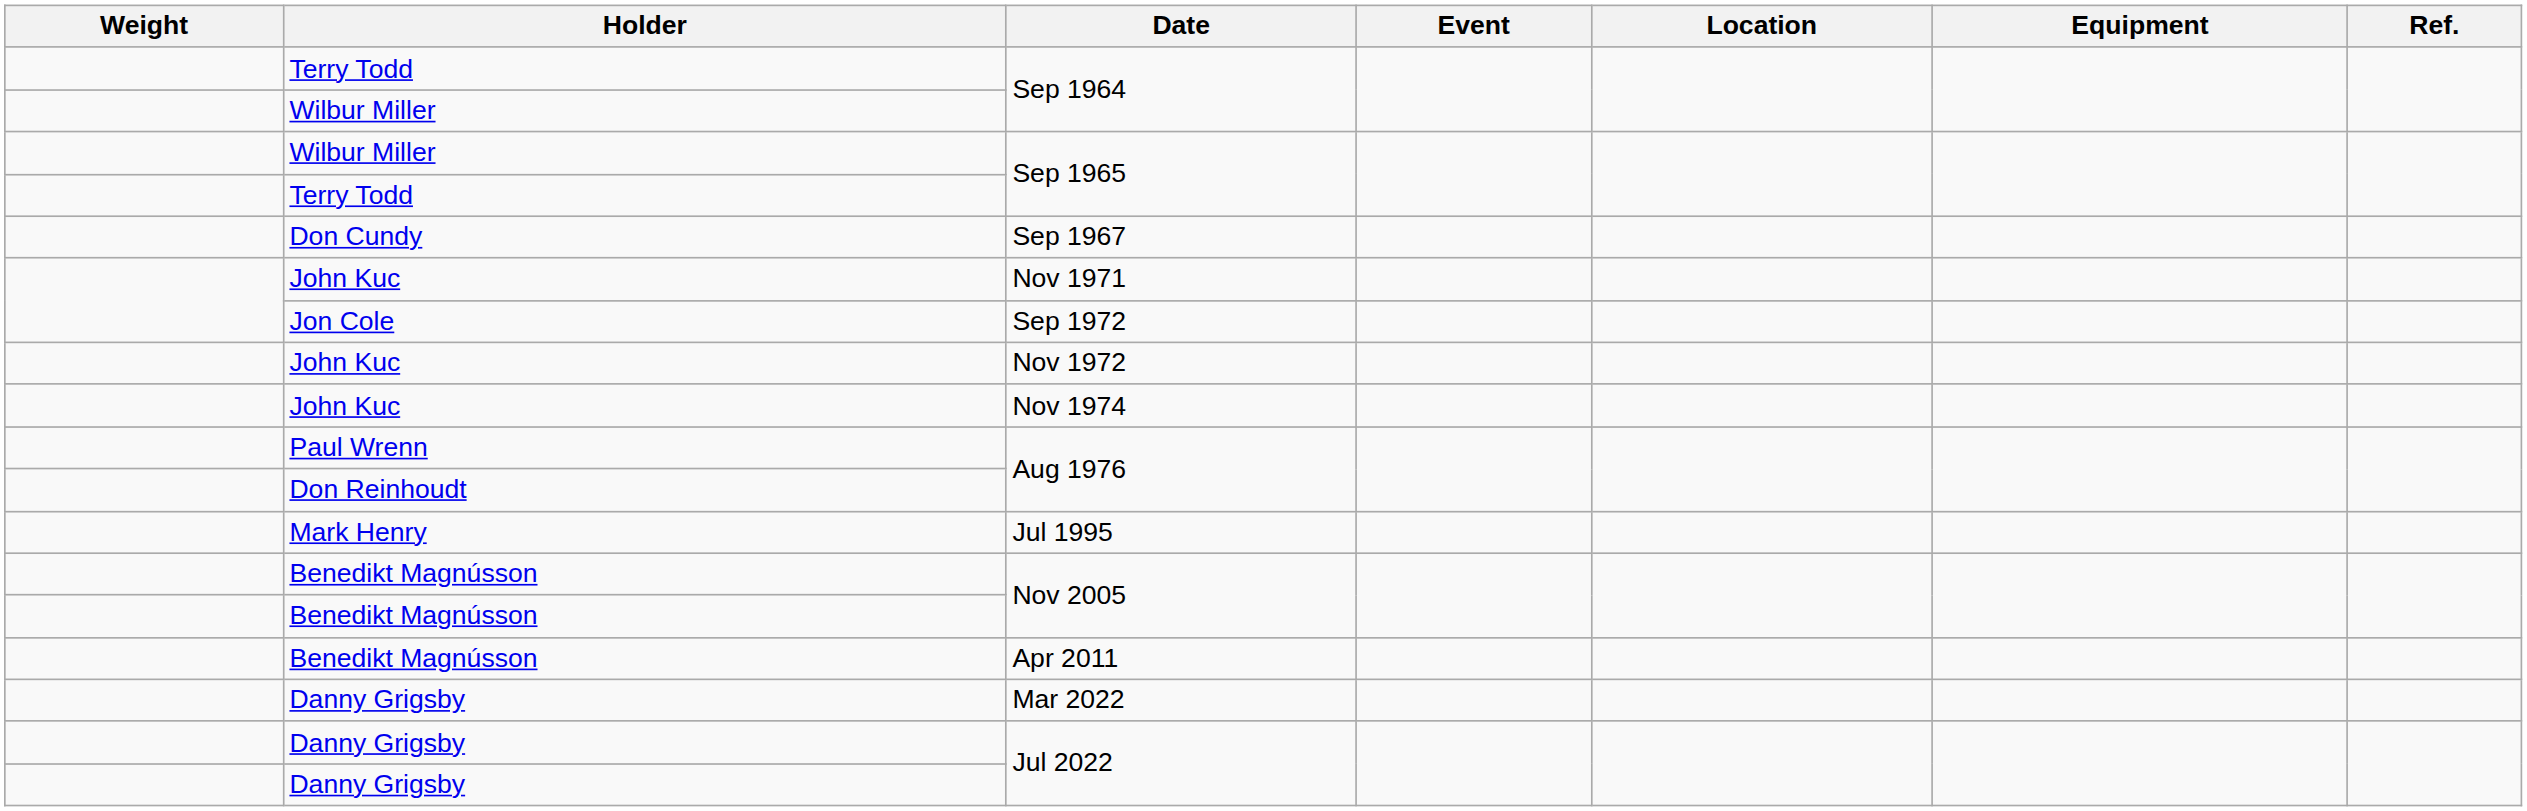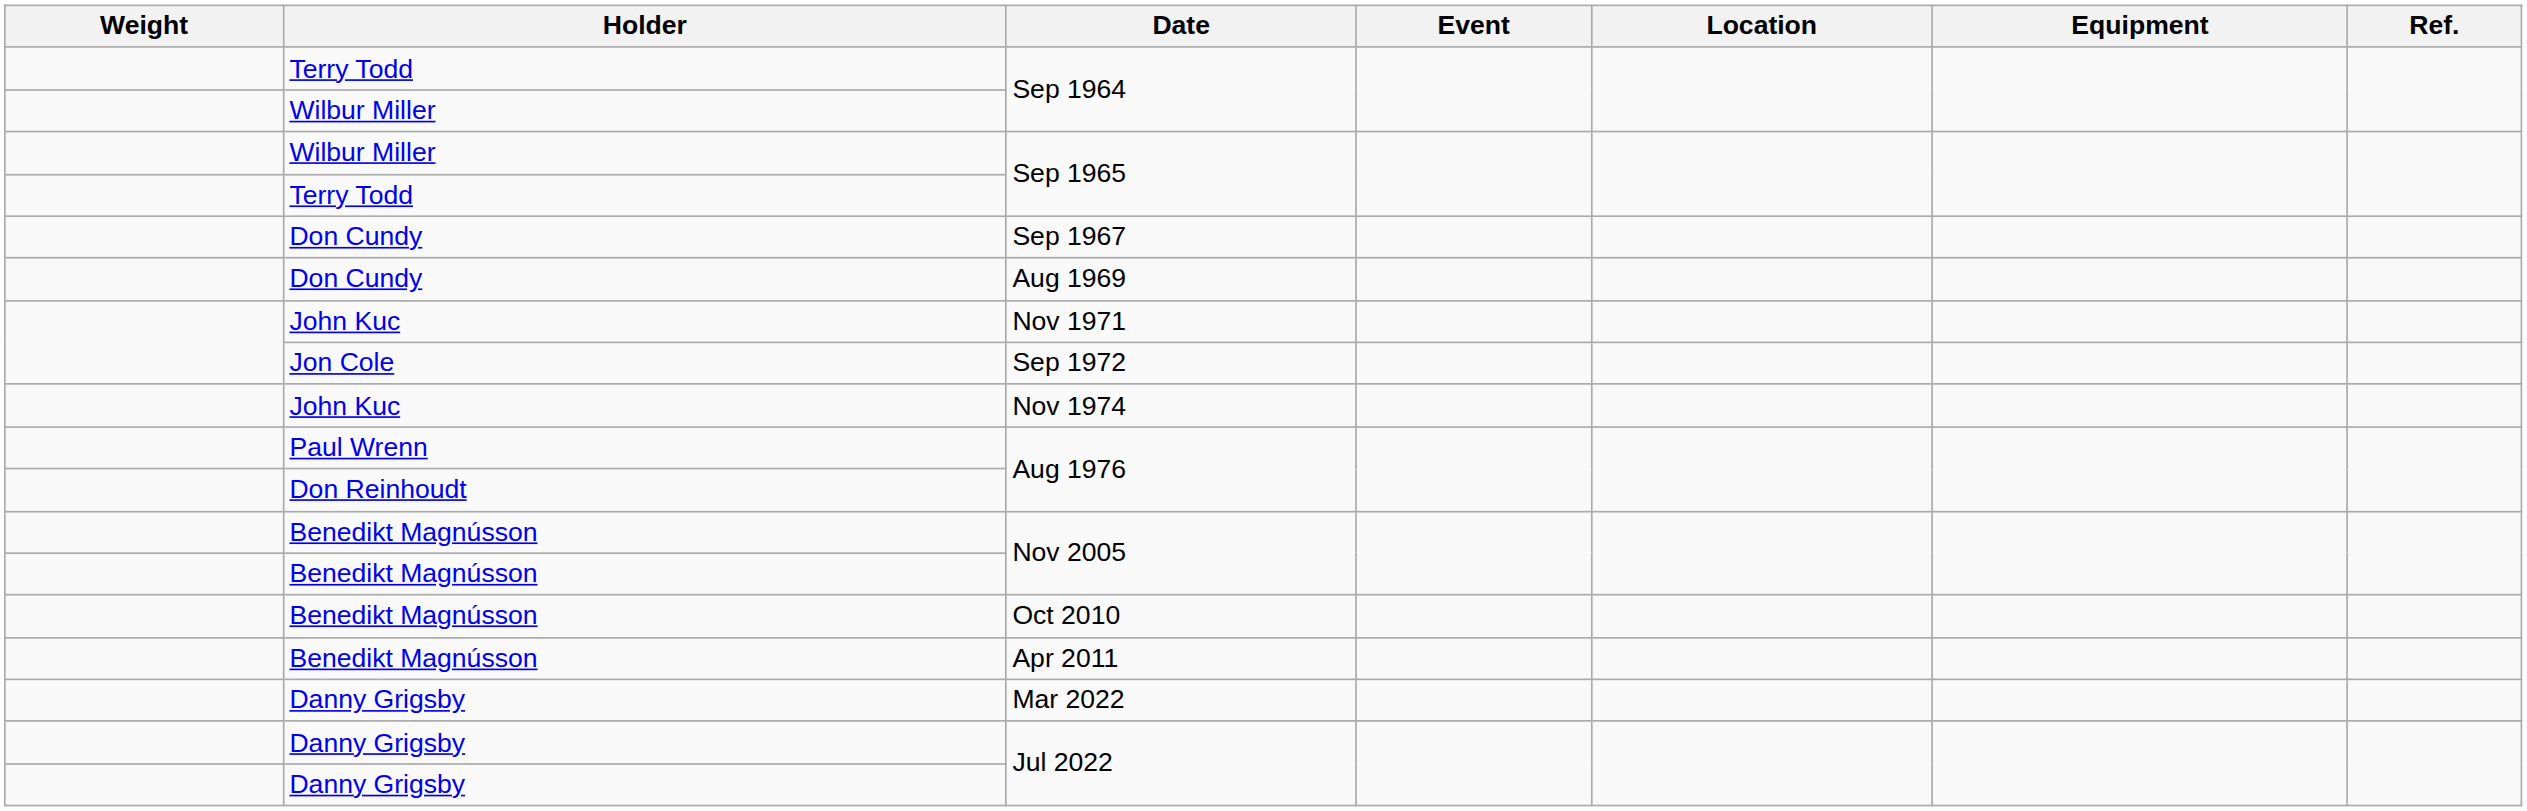 <table class="wikitable sortable" style="display: inline-table;width: 120%;">
 <tr>
 <th scope="col">Weight</th>
 <th scope="col">Holder</th>
 <th scope="col" class="unsortable">Date</th>
 <th scope="col" class="unsortable">Event</th>
 <th scope="col">Location</th>
 <th scope="col" class="unsortable">Equipment</th>
 <th scope="col" class="unsortable">Ref.</th>
 </tr>
 <tr>
 <td></td>
 <td> <a href='#'>Terry Todd</a></td>
 <td rowspan="2">Sep 1964</td>
 <td rowspan="2"></td>
 <td rowspan="2"></td>
 <td rowspan="2"></td>
 <td rowspan="2"></td>
 </tr>
 <tr>
 <td></td>
 <td> <a href='#'>Wilbur Miller</a></td>
 </tr>
 <tr>
 <td></td>
 <td> <a href='#'>Wilbur Miller</a></td>
 <td rowspan="2">Sep 1965</td>
 <td rowspan="2"></td>
 <td rowspan="2"></td>
 <td rowspan="2"></td>
 <td rowspan="2"></td>
 </tr>
 <tr>
 <td></td>
 <td> <a href='#'>Terry Todd</a></td>
 </tr>
 <tr>
 <td></td>
 <td> <a href='#'>Don Cundy</a></td>
 <td>Sep 1967</td>
 <td></td>
 <td></td>
 <td></td>
 <td></td>
 </tr>
 <tr>
+<td></td>
+<td> <a href='#'>Don Cundy</a></td>
+<td>Aug 1969</td>
+<td></td>
+<td></td>
+<td></td>
+<td></td>
+</tr>
+<tr>
 <td rowspan="2"></td>
 <td> <a href='#'>John Kuc</a></td>
 <td>Nov 1971</td>
 <td></td>
 <td></td>
 <td></td>
 <td></td>
 </tr>
 <tr>
 <td> <a href='#'>Jon Cole</a></td>
 <td>Sep 1972</td>
-<td></td>
-<td></td>
-<td></td>
-<td></td>
-</tr>
-<tr>
-<td></td>
-<td> <a href='#'>John Kuc</a></td>
-<td>Nov 1972</td>
 <td></td>
 <td></td>
 <td></td>
 <td></td>
 </tr>
 <tr>
 <td></td>
 <td> <a href='#'>John Kuc</a></td>
 <td>Nov 1974</td>
 <td></td>
 <td></td>
 <td></td>
 <td></td>
 </tr>
 <tr>
 <td></td>
 <td> <a href='#'>Paul Wrenn</a></td>
 <td rowspan="2">Aug 1976</td>
 <td rowspan="2"></td>
 <td rowspan="2"></td>
 <td rowspan="2"></td>
 <td rowspan="2"></td>
 </tr>
 <tr>
 <td></td>
 <td> <a href='#'>Don Reinhoudt</a></td>
 </tr>
 <tr>
 <td></td>
-<td> <a href='#'>Mark Henry</a></td>
-<td>Jul 1995</td>
-<td></td>
-<td></td>
-<td></td>
-<td></td>
-</tr>
-<tr>
-<td></td>
 <td> <a href='#'>Benedikt Magnússon</a></td>
 <td rowspan="2">Nov 2005</td>
 <td rowspan="2"></td>
 <td rowspan="2"></td>
 <td rowspan="2"></td>
 <td rowspan="2"></td>
 </tr>
 <tr>
 <td></td>
 <td> <a href='#'>Benedikt Magnússon</a></td>
+</tr>
+<tr>
+<td></td>
+<td> <a href='#'>Benedikt Magnússon</a></td>
+<td>Oct 2010</td>
+<td></td>
+<td></td>
+<td></td>
+<td></td>
 </tr>
 <tr>
 <td></td>
 <td> <a href='#'>Benedikt Magnússon</a></td>
 <td>Apr 2011</td>
 <td></td>
 <td></td>
 <td></td>
 <td></td>
 </tr>
 <tr>
 <td> </td>
 <td> <a href='#'>Danny Grigsby</a></td>
 <td>Mar 2022</td>
 <td></td>
 <td></td>
 <td></td>
 <td></td>
 </tr>
 <tr>
 <td> </td>
 <td> <a href='#'>Danny Grigsby</a></td>
 <td rowspan="2">Jul 2022</td>
 <td rowspan="2"></td>
 <td rowspan="2"></td>
 <td rowspan="2"></td>
 <td rowspan="2"></td>
 </tr>
 <tr>
 <td> </td>
 <td> <a href='#'>Danny Grigsby</a></td>
 </tr>
 </table>
